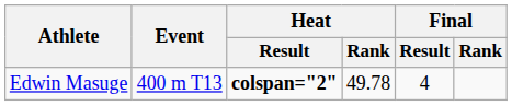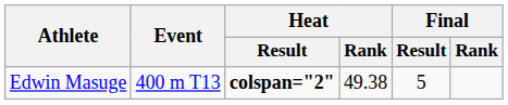 <table class="wikitable" style="font-size:90%">
 <tr>
 <th rowspan="2">Athlete</th>
 <th rowspan="2">Event</th>
 <th colspan="2">Heat</th>
 <th colspan="2">Final</th>
 </tr>
 <tr style="font-size:95%">
 <th>Result</th>
 <th>Rank</th>
 <th>Result</th>
 <th>Rank</th>
 </tr>
 <tr align=center>
 <td align=left><a href='#'>Edwin Masuge</a></td>
 <td align=left><a href='#'>400 m T13</a></td>
 <td><strong>colspan="2" </strong></td>
-<td>49.78</td>
-<td>4</td>
+<td>49.38</td>
+<td>5</td>
 </tr>
 </table>
